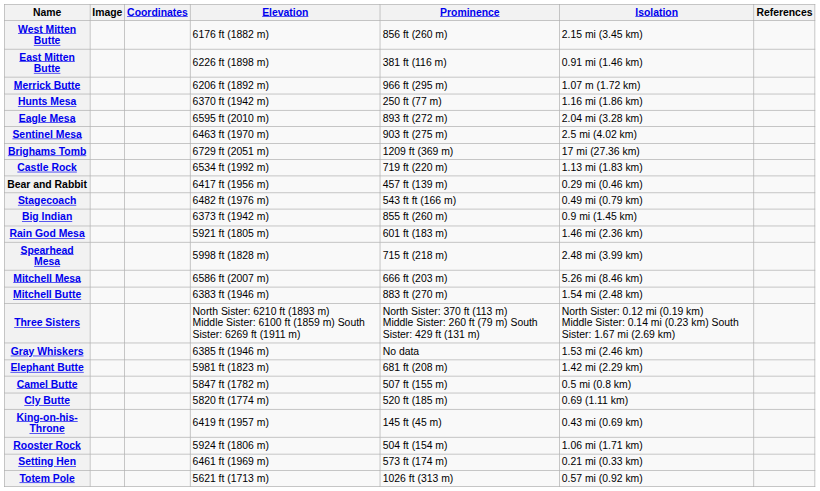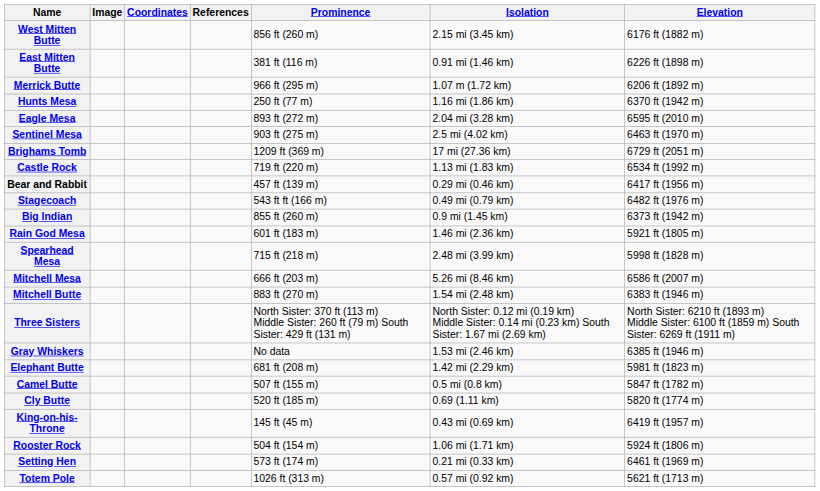 <table class="wikitable sortable">
 <tr>
 <th>Name</th>
 <th>Image</th>
 <th scope=col><a href='#'>Coordinates</a></th>
-<th scope=col><a href='#'>Elevation</a></th>
+<th scope=col>References</th>
 <th scope=col><a href='#'>Prominence</a></th>
 <th scope=col><a href='#'>Isolation</a></th>
-<th scope=col>References</th>
+<th scope=col><a href='#'>Elevation</a></th>
 </tr>
 <tr>
 <th scope=row><a href='#'>West Mitten Butte</a></th>
 <td></td>
 <td></td>
-<td>6176 ft (1882 m)</td>
+<td></td>
 <td>856 ft (260 m)</td>
 <td>2.15 mi (3.45 km)</td>
-<td></td>
+<td>6176 ft (1882 m)</td>
 </tr>
 <tr>
 <th scope=row><a href='#'>East Mitten Butte</a></th>
 <td></td>
 <td></td>
-<td>6226 ft (1898 m)</td>
+<td></td>
 <td>381 ft (116 m)</td>
 <td>0.91 mi (1.46 km)</td>
-<td></td>
+<td>6226 ft (1898 m)</td>
 </tr>
 <tr>
 <th scope=row><a href='#'>Merrick Butte</a></th>
 <td></td>
 <td></td>
-<td>6206 ft (1892 m)</td>
+<td></td>
 <td>966 ft (295 m)</td>
 <td>1.07 m (1.72 km)</td>
-<td></td>
+<td>6206 ft (1892 m)</td>
 </tr>
 <tr>
 <th scope=row><a href='#'>Hunts Mesa</a></th>
 <td></td>
 <td></td>
-<td>6370 ft (1942 m)</td>
+<td></td>
 <td>250 ft (77 m)</td>
 <td>1.16 mi (1.86 km)</td>
-<td></td>
+<td>6370 ft (1942 m)</td>
 </tr>
 <tr>
 <th scope=row><a href='#'>Eagle Mesa</a></th>
 <td></td>
 <td></td>
-<td>6595 ft (2010 m)</td>
+<td></td>
 <td>893 ft (272 m)</td>
 <td>2.04 mi (3.28 km)</td>
-<td></td>
+<td>6595 ft (2010 m)</td>
 </tr>
 <tr>
 <th scope=row><a href='#'>Sentinel Mesa</a></th>
 <td></td>
 <td></td>
-<td>6463 ft (1970 m)</td>
+<td></td>
 <td>903 ft (275 m)</td>
 <td>2.5 mi (4.02 km)</td>
-<td></td>
+<td>6463 ft (1970 m)</td>
 </tr>
 <tr>
 <th scope=row><a href='#'>Brighams Tomb</a></th>
 <td></td>
 <td></td>
-<td>6729 ft (2051 m)</td>
+<td></td>
 <td>1209 ft (369 m)</td>
 <td>17 mi (27.36 km)</td>
-<td></td>
+<td>6729 ft (2051 m)</td>
 </tr>
 <tr>
 <th scope=row><a href='#'>Castle Rock</a></th>
 <td></td>
 <td></td>
-<td>6534 ft (1992 m)</td>
+<td></td>
 <td>719 ft (220 m)</td>
 <td>1.13 mi (1.83 km)</td>
-<td></td>
+<td>6534 ft (1992 m)</td>
 </tr>
 <tr>
 <th scope=row>Bear and Rabbit</th>
 <td></td>
 <td></td>
-<td>6417 ft (1956 m)</td>
+<td></td>
 <td>457 ft (139 m)</td>
 <td>0.29 mi (0.46 km)</td>
-<td></td>
+<td>6417 ft (1956 m)</td>
 </tr>
 <tr>
 <th scope=row><a href='#'>Stagecoach</a></th>
 <td></td>
 <td></td>
-<td>6482 ft (1976 m)</td>
+<td></td>
 <td>543 ft ft (166 m)</td>
 <td>0.49 mi (0.79 km)</td>
-<td></td>
+<td>6482 ft (1976 m)</td>
 </tr>
 <tr>
 <th scope=row><a href='#'>Big Indian</a></th>
 <td></td>
 <td></td>
-<td>6373 ft (1942 m)</td>
+<td></td>
 <td>855 ft (260 m)</td>
 <td>0.9 mi (1.45 km)</td>
-<td></td>
+<td>6373 ft (1942 m)</td>
 </tr>
 <tr>
 <th scope=row><a href='#'>Rain God Mesa</a></th>
 <td></td>
 <td></td>
-<td>5921 ft (1805 m)</td>
+<td></td>
 <td>601 ft (183 m)</td>
 <td>1.46 mi (2.36 km)</td>
-<td></td>
+<td>5921 ft (1805 m)</td>
 </tr>
 <tr>
 <th scope=row><a href='#'>Spearhead Mesa</a></th>
 <td></td>
 <td></td>
-<td>5998 ft (1828 m)</td>
+<td></td>
 <td>715 ft (218 m)</td>
 <td>2.48 mi (3.99 km)</td>
-<td></td>
+<td>5998 ft (1828 m)</td>
 </tr>
 <tr>
 <th scope=row><a href='#'>Mitchell Mesa</a></th>
 <td></td>
 <td></td>
-<td>6586 ft (2007 m)</td>
+<td></td>
 <td>666 ft (203 m)</td>
 <td>5.26 mi (8.46 km)</td>
-<td></td>
+<td>6586 ft (2007 m)</td>
 </tr>
 <tr>
 <th scope=row><a href='#'>Mitchell Butte</a></th>
 <td></td>
 <td></td>
-<td>6383 ft (1946 m)</td>
+<td></td>
 <td>883 ft (270 m)</td>
 <td>1.54 mi (2.48 km)</td>
-<td></td>
+<td>6383 ft (1946 m)</td>
 </tr>
 <tr>
 <th scope=row><a href='#'>Three Sisters</a></th>
 <td></td>
 <td></td>
-<td>North Sister: 6210 ft (1893 m)<br>Middle Sister: 6100 ft (1859 m) South Sister: 6269 ft (1911 m)</td>
+<td></td>
 <td>North Sister: 370 ft (113 m)<br>Middle Sister: 260 ft (79 m) South Sister: 429 ft (131 m)</td>
 <td>North Sister: 0.12 mi (0.19 km)<br>Middle Sister: 0.14 mi (0.23 km) South Sister: 1.67 mi (2.69 km)</td>
-<td></td>
+<td>North Sister: 6210 ft (1893 m)<br>Middle Sister: 6100 ft (1859 m) South Sister: 6269 ft (1911 m)</td>
 </tr>
 <tr>
 <th scope=row><a href='#'>Gray Whiskers</a></th>
 <td></td>
 <td></td>
-<td>6385 ft (1946 m)</td>
+<td></td>
 <td>No data</td>
 <td>1.53 mi (2.46 km)</td>
-<td></td>
+<td>6385 ft (1946 m)</td>
 </tr>
 <tr>
 <th scope=row><a href='#'>Elephant Butte</a></th>
 <td></td>
 <td></td>
-<td>5981 ft (1823 m)</td>
+<td></td>
 <td>681 ft (208 m)</td>
 <td>1.42 mi (2.29 km)</td>
-<td></td>
+<td>5981 ft (1823 m)</td>
 </tr>
 <tr>
 <th scope=row><a href='#'>Camel Butte</a></th>
 <td></td>
 <td></td>
-<td>5847 ft (1782 m)</td>
+<td></td>
 <td>507 ft (155 m)</td>
 <td>0.5 mi (0.8 km)</td>
-<td></td>
+<td>5847 ft (1782 m)</td>
 </tr>
 <tr>
 <th scope=row><a href='#'>Cly Butte</a></th>
 <td></td>
 <td></td>
-<td>5820 ft (1774 m)</td>
+<td></td>
 <td>520 ft (185 m)</td>
 <td>0.69 (1.11 km)</td>
-<td></td>
+<td>5820 ft (1774 m)</td>
 </tr>
 <tr>
 <th scope=row><a href='#'>King-on-his-Throne</a></th>
 <td></td>
 <td></td>
-<td>6419 ft (1957 m)</td>
+<td></td>
 <td>145 ft (45 m)</td>
 <td>0.43 mi (0.69 km)</td>
-<td></td>
+<td>6419 ft (1957 m)</td>
 </tr>
 <tr>
 <th scope=row><a href='#'>Rooster Rock</a></th>
 <td></td>
 <td></td>
-<td>5924 ft (1806 m)</td>
+<td></td>
 <td>504 ft (154 m)</td>
 <td>1.06 mi (1.71 km)</td>
-<td></td>
+<td>5924 ft (1806 m)</td>
 </tr>
 <tr>
 <th scope=row><a href='#'>Setting Hen</a></th>
 <td></td>
 <td></td>
-<td>6461 ft (1969 m)</td>
+<td></td>
 <td>573 ft (174 m)</td>
 <td>0.21 mi (0.33 km)</td>
-<td></td>
+<td>6461 ft (1969 m)</td>
 </tr>
 <tr>
 <th scope=row><a href='#'>Totem Pole</a></th>
 <td></td>
 <td></td>
-<td>5621 ft (1713 m)</td>
+<td></td>
 <td>1026 ft (313 m)</td>
 <td>0.57 mi (0.92 km)</td>
-<td></td>
+<td>5621 ft (1713 m)</td>
 </tr>
 </table>
